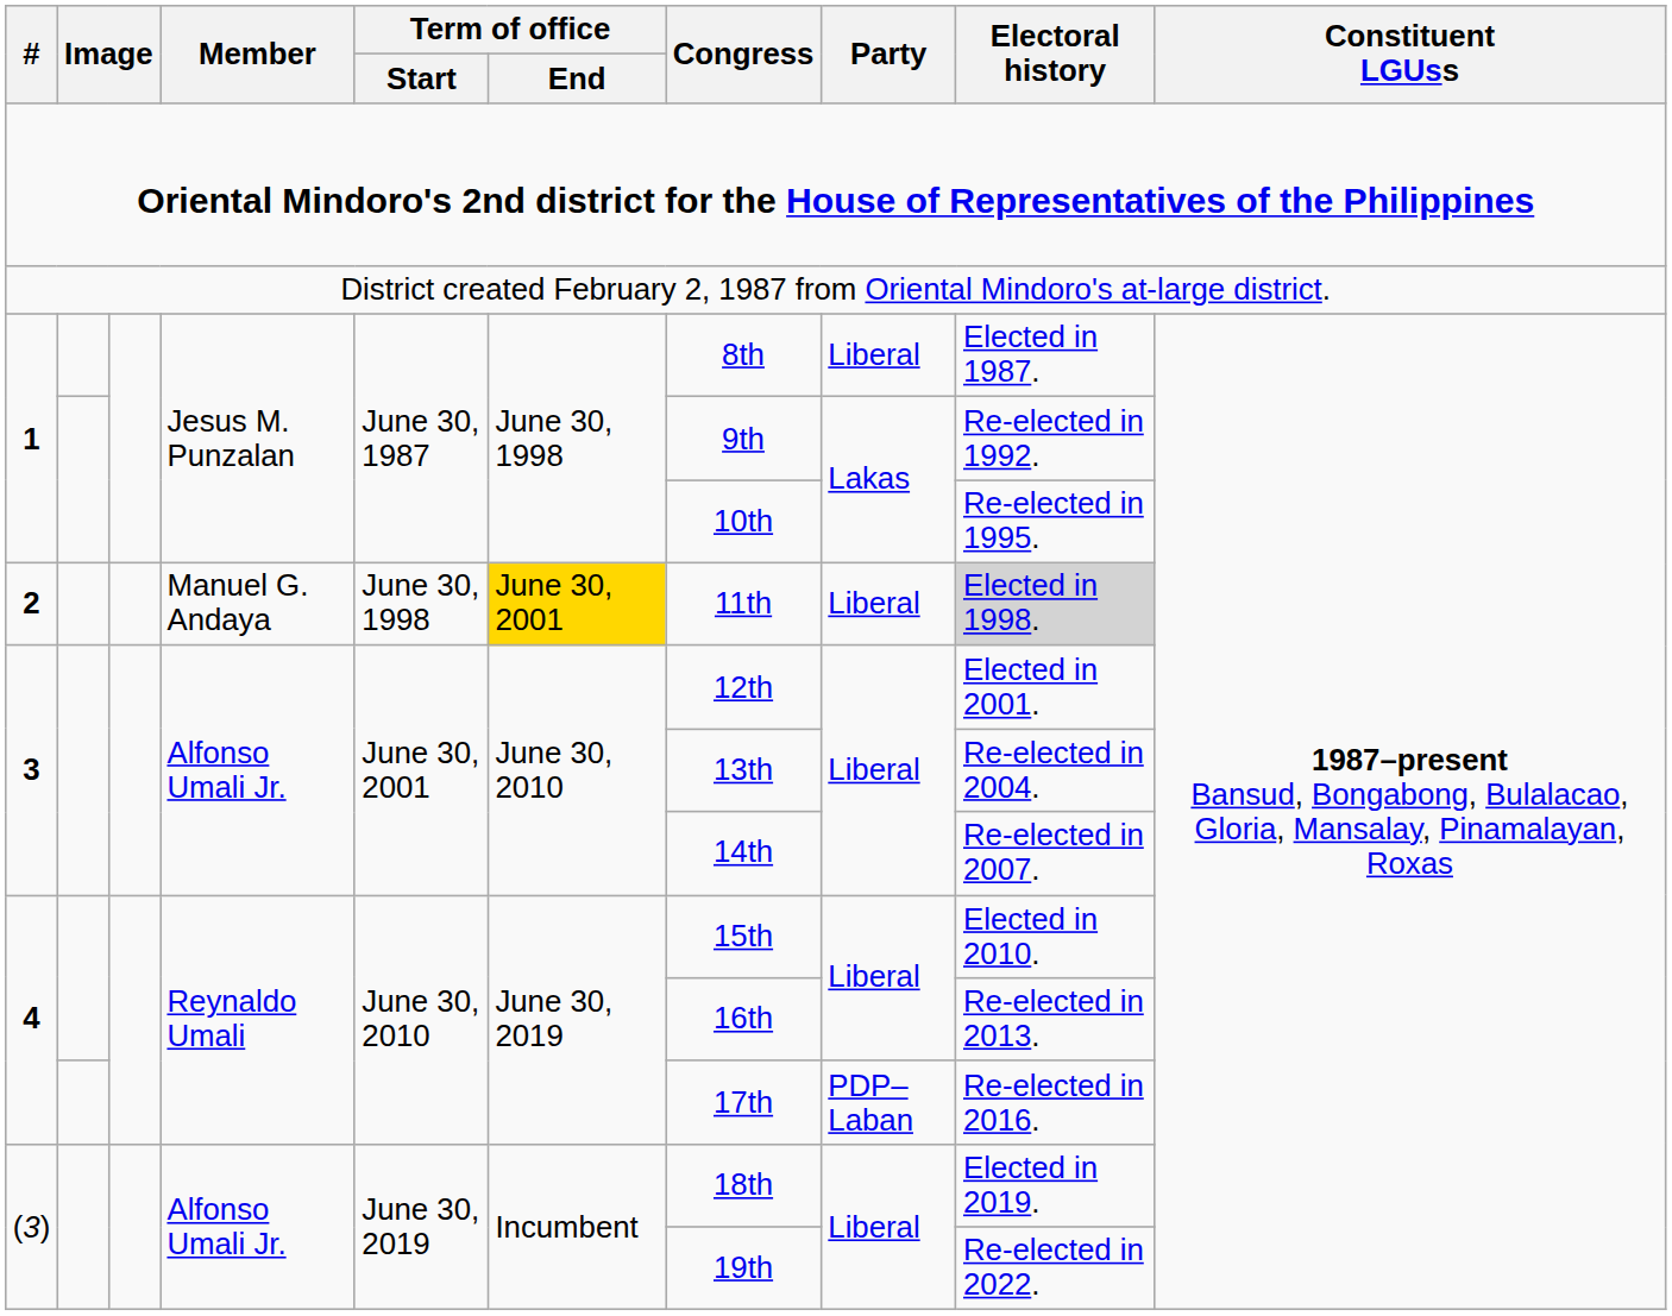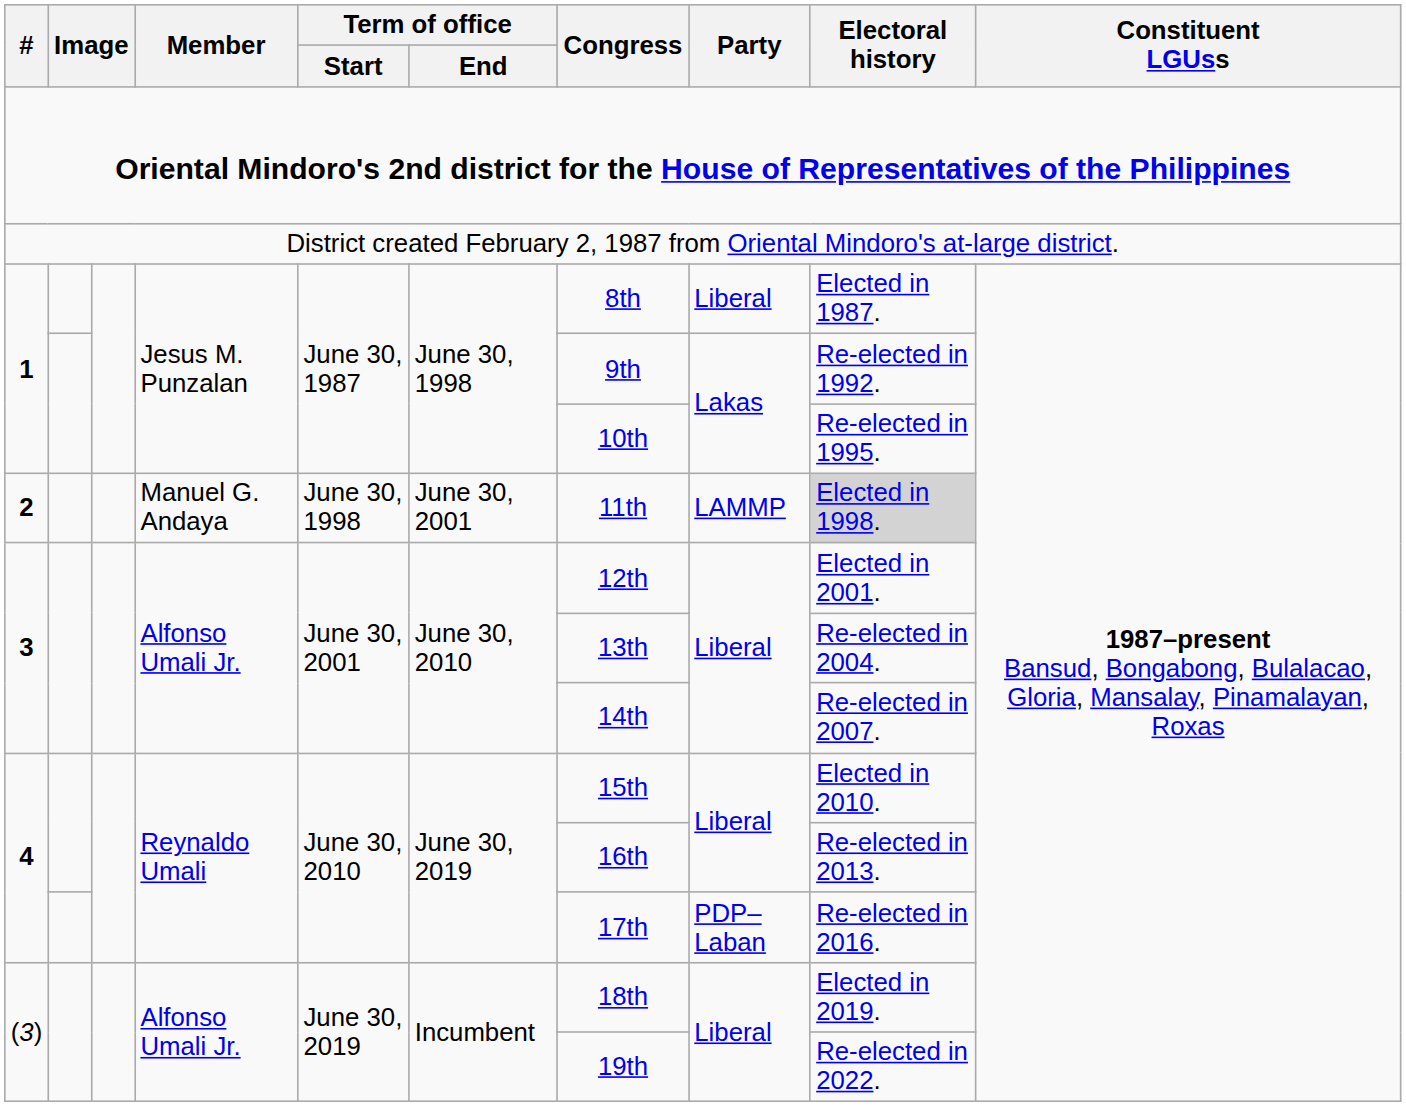 <table class=wikitable>
 <tr>
 <th rowspan="2">#</th>
 <th rowspan="2" colspan=2>Image</th>
 <th rowspan="2">Member</th>
 <th colspan=2>Term of office</th>
 <th rowspan="2">Congress</th>
 <th rowspan="2">Party</th>
 <th rowspan="2">Electoral history</th>
 <th rowspan="2">Constituent<br><a href='#'>LGUs</a>s</th>
 </tr>
 <tr>
 <th>Start</th>
 <th>End</th>
 </tr>
 <tr>
 <td colspan="10" style="text-align:center;"><br><h3>Oriental Mindoro's 2nd district for the <a href='#'>House of Representatives of the Philippines</a></h3></td>
 </tr>
 <tr>
 <td colspan="10" style="text-align:center;">District created February 2, 1987 from <a href='#'>Oriental Mindoro's at-large district</a>.</td>
 </tr>
 <tr>
 <td rowspan="3" style="text-align:center;"><strong>1</strong></td>
 <td style="color:inherit;background:"></td>
 <td rowspan="3"></td>
 <td rowspan="3">Jesus M. Punzalan</td>
 <td rowspan="3">June 30, 1987</td>
 <td rowspan="3">June 30, 1998</td>
 <td style="text-align:center;"><a href='#'>8th</a></td>
 <td><a href='#'>Liberal</a></td>
 <td><a href='#'>Elected in 1987</a>.</td>
 <td rowspan="12" style="text-align:center;"><strong>1987–present</strong><br><a href='#'>Bansud</a>, <a href='#'>Bongabong</a>, <a href='#'>Bulalacao</a>, <a href='#'>Gloria</a>, <a href='#'>Mansalay</a>, <a href='#'>Pinamalayan</a>, <a href='#'>Roxas</a></td>
 </tr>
 <tr>
 <td rowspan="2" style="color:inherit;background:"></td>
 <td style="text-align:center;"><a href='#'>9th</a></td>
 <td rowspan="2"><a href='#'>Lakas</a></td>
 <td><a href='#'>Re-elected in 1992</a>.</td>
 </tr>
 <tr>
 <td style="text-align:center;"><a href='#'>10th</a></td>
 <td><a href='#'>Re-elected in 1995</a>.</td>
 </tr>
 <tr>
 <td style="text-align:center;"><strong>2</strong></td>
 <td style="color:inherit;background:"></td>
 <td></td>
 <td>Manuel G. Andaya</td>
 <td>June 30, 1998</td>
-<td style="background: gold;">June 30, 2001</td>
+<td>June 30, 2001</td>
 <td style="text-align:center;"><a href='#'>11th</a></td>
-<td><a href='#'>Liberal</a></td>
+<td><a href='#'>LAMMP</a></td>
 <td style="background: lightgrey;"><a href='#'>Elected in 1998</a>.</td>
 </tr>
 <tr>
 <td rowspan="3" style="text-align:center;"><strong>3</strong></td>
 <td rowspan="3" style="color:inherit;background:"></td>
 <td rowspan="3"></td>
 <td rowspan="3"><a href='#'>Alfonso Umali Jr.</a></td>
 <td rowspan="3">June 30, 2001</td>
 <td rowspan="3">June 30, 2010</td>
 <td style="text-align:center;"><a href='#'>12th</a></td>
 <td rowspan="3"><a href='#'>Liberal</a></td>
 <td><a href='#'>Elected in 2001</a>.</td>
 </tr>
 <tr>
 <td style="text-align:center;"><a href='#'>13th</a></td>
 <td><a href='#'>Re-elected in 2004</a>.</td>
 </tr>
 <tr>
 <td style="text-align:center;"><a href='#'>14th</a></td>
 <td><a href='#'>Re-elected in 2007</a>.</td>
 </tr>
 <tr>
 <td rowspan="3" style="text-align:center;"><strong>4</strong></td>
 <td rowspan="2" style="color:inherit;background:"></td>
 <td rowspan="3"></td>
 <td rowspan="3"><a href='#'>Reynaldo Umali</a></td>
 <td rowspan="3">June 30, 2010</td>
 <td rowspan="3">June 30, 2019</td>
 <td style="text-align:center;"><a href='#'>15th</a></td>
 <td rowspan="2"><a href='#'>Liberal</a></td>
 <td><a href='#'>Elected in 2010</a>.</td>
 </tr>
 <tr>
 <td style="text-align:center;"><a href='#'>16th</a></td>
 <td><a href='#'>Re-elected in 2013</a>.</td>
 </tr>
 <tr>
 <td style="color:inherit;background:"></td>
 <td style="text-align:center;"><a href='#'>17th</a></td>
 <td><a href='#'>PDP–Laban</a></td>
 <td><a href='#'>Re-elected in 2016</a>.</td>
 </tr>
 <tr>
 <td rowspan="2" style="text-align:center;">(<em>3</em>)</td>
 <td rowspan="2" style="color:inherit;background:"></td>
 <td rowspan="2"></td>
 <td rowspan="2"><a href='#'>Alfonso Umali Jr.</a></td>
 <td rowspan="2">June 30, 2019</td>
 <td rowspan="2">Incumbent</td>
 <td style="text-align:center;"><a href='#'>18th</a></td>
 <td rowspan="2"><a href='#'>Liberal</a></td>
 <td><a href='#'>Elected in 2019</a>.</td>
 </tr>
 <tr>
 <td style="text-align:center;"><a href='#'>19th</a></td>
 <td><a href='#'>Re-elected in 2022</a>.</td>
 </tr>
 </table>
